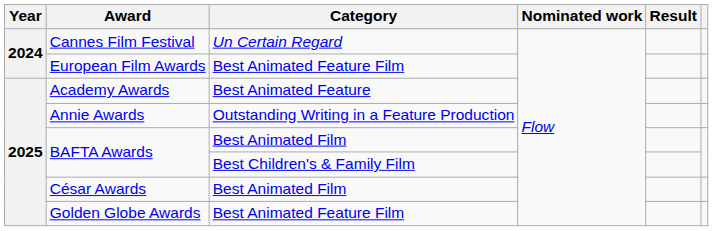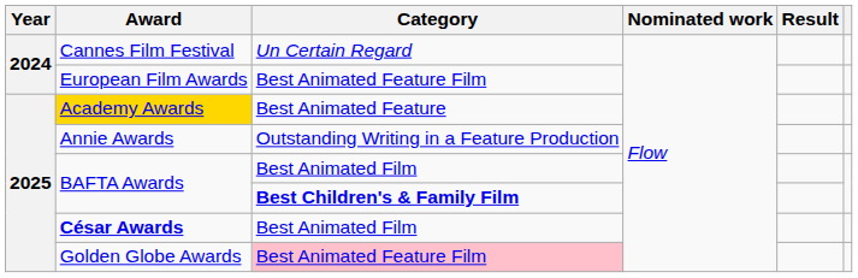 <table class="wikitable plainrowheaders sortable">
 <tr>
 <th scope="col">Year</th>
 <th scope="col">Award</th>
 <th scope="col">Category</th>
 <th scope="col">Nominated work</th>
 <th scope="col">Result</th>
 <th scope="col" class="unsortable"></th>
 </tr>
 <tr>
 <th scope="row" rowspan="2">2024</th>
 <td><a href='#'>Cannes Film Festival</a></td>
 <td><em><a href='#'>Un Certain Regard</a></em></td>
 <td rowspan="8"><em><a href='#'>Flow</a></em></td>
 <td></td>
 <td align="center"></td>
 </tr>
 <tr>
 <td><a href='#'>European Film Awards</a></td>
 <td><a href='#'>Best Animated Feature Film</a></td>
 <td></td>
 <td align="center"></td>
 </tr>
 <tr>
 <th rowspan="6" scope="row">2025</th>
-<td><a href='#'>Academy Awards</a></td>
+<td style="background: gold;"><a href='#'>Academy Awards</a></td>
 <td><a href='#'>Best Animated Feature</a></td>
 <td></td>
 <td align="center"></td>
 </tr>
 <tr>
 <td><a href='#'>Annie Awards</a></td>
 <td><a href='#'>Outstanding Writing in a Feature Production</a></td>
 <td></td>
 <td align="center"><br></td>
 </tr>
 <tr>
 <td rowspan="2"><a href='#'>BAFTA Awards</a></td>
 <td><a href='#'>Best Animated Film</a></td>
 <td></td>
 <td align="center" rowspan="2"></td>
 </tr>
 <tr>
-<td><a href='#'>Best Children's & Family Film</a></td>
+<td><strong><a href='#'>Best Children's & Family Film</a></strong></td>
 <td></td>
 </tr>
 <tr>
-<td><a href='#'>César Awards</a></td>
+<td><strong><a href='#'>César Awards</a></strong></td>
 <td><a href='#'>Best Animated Film</a></td>
 <td></td>
 <td align="center"></td>
 </tr>
 <tr>
 <td><a href='#'>Golden Globe Awards</a></td>
-<td><a href='#'>Best Animated Feature Film</a></td>
+<td style="background: pink;"><a href='#'>Best Animated Feature Film</a></td>
 <td></td>
 <td align="center"></td>
 </tr>
 </table>
